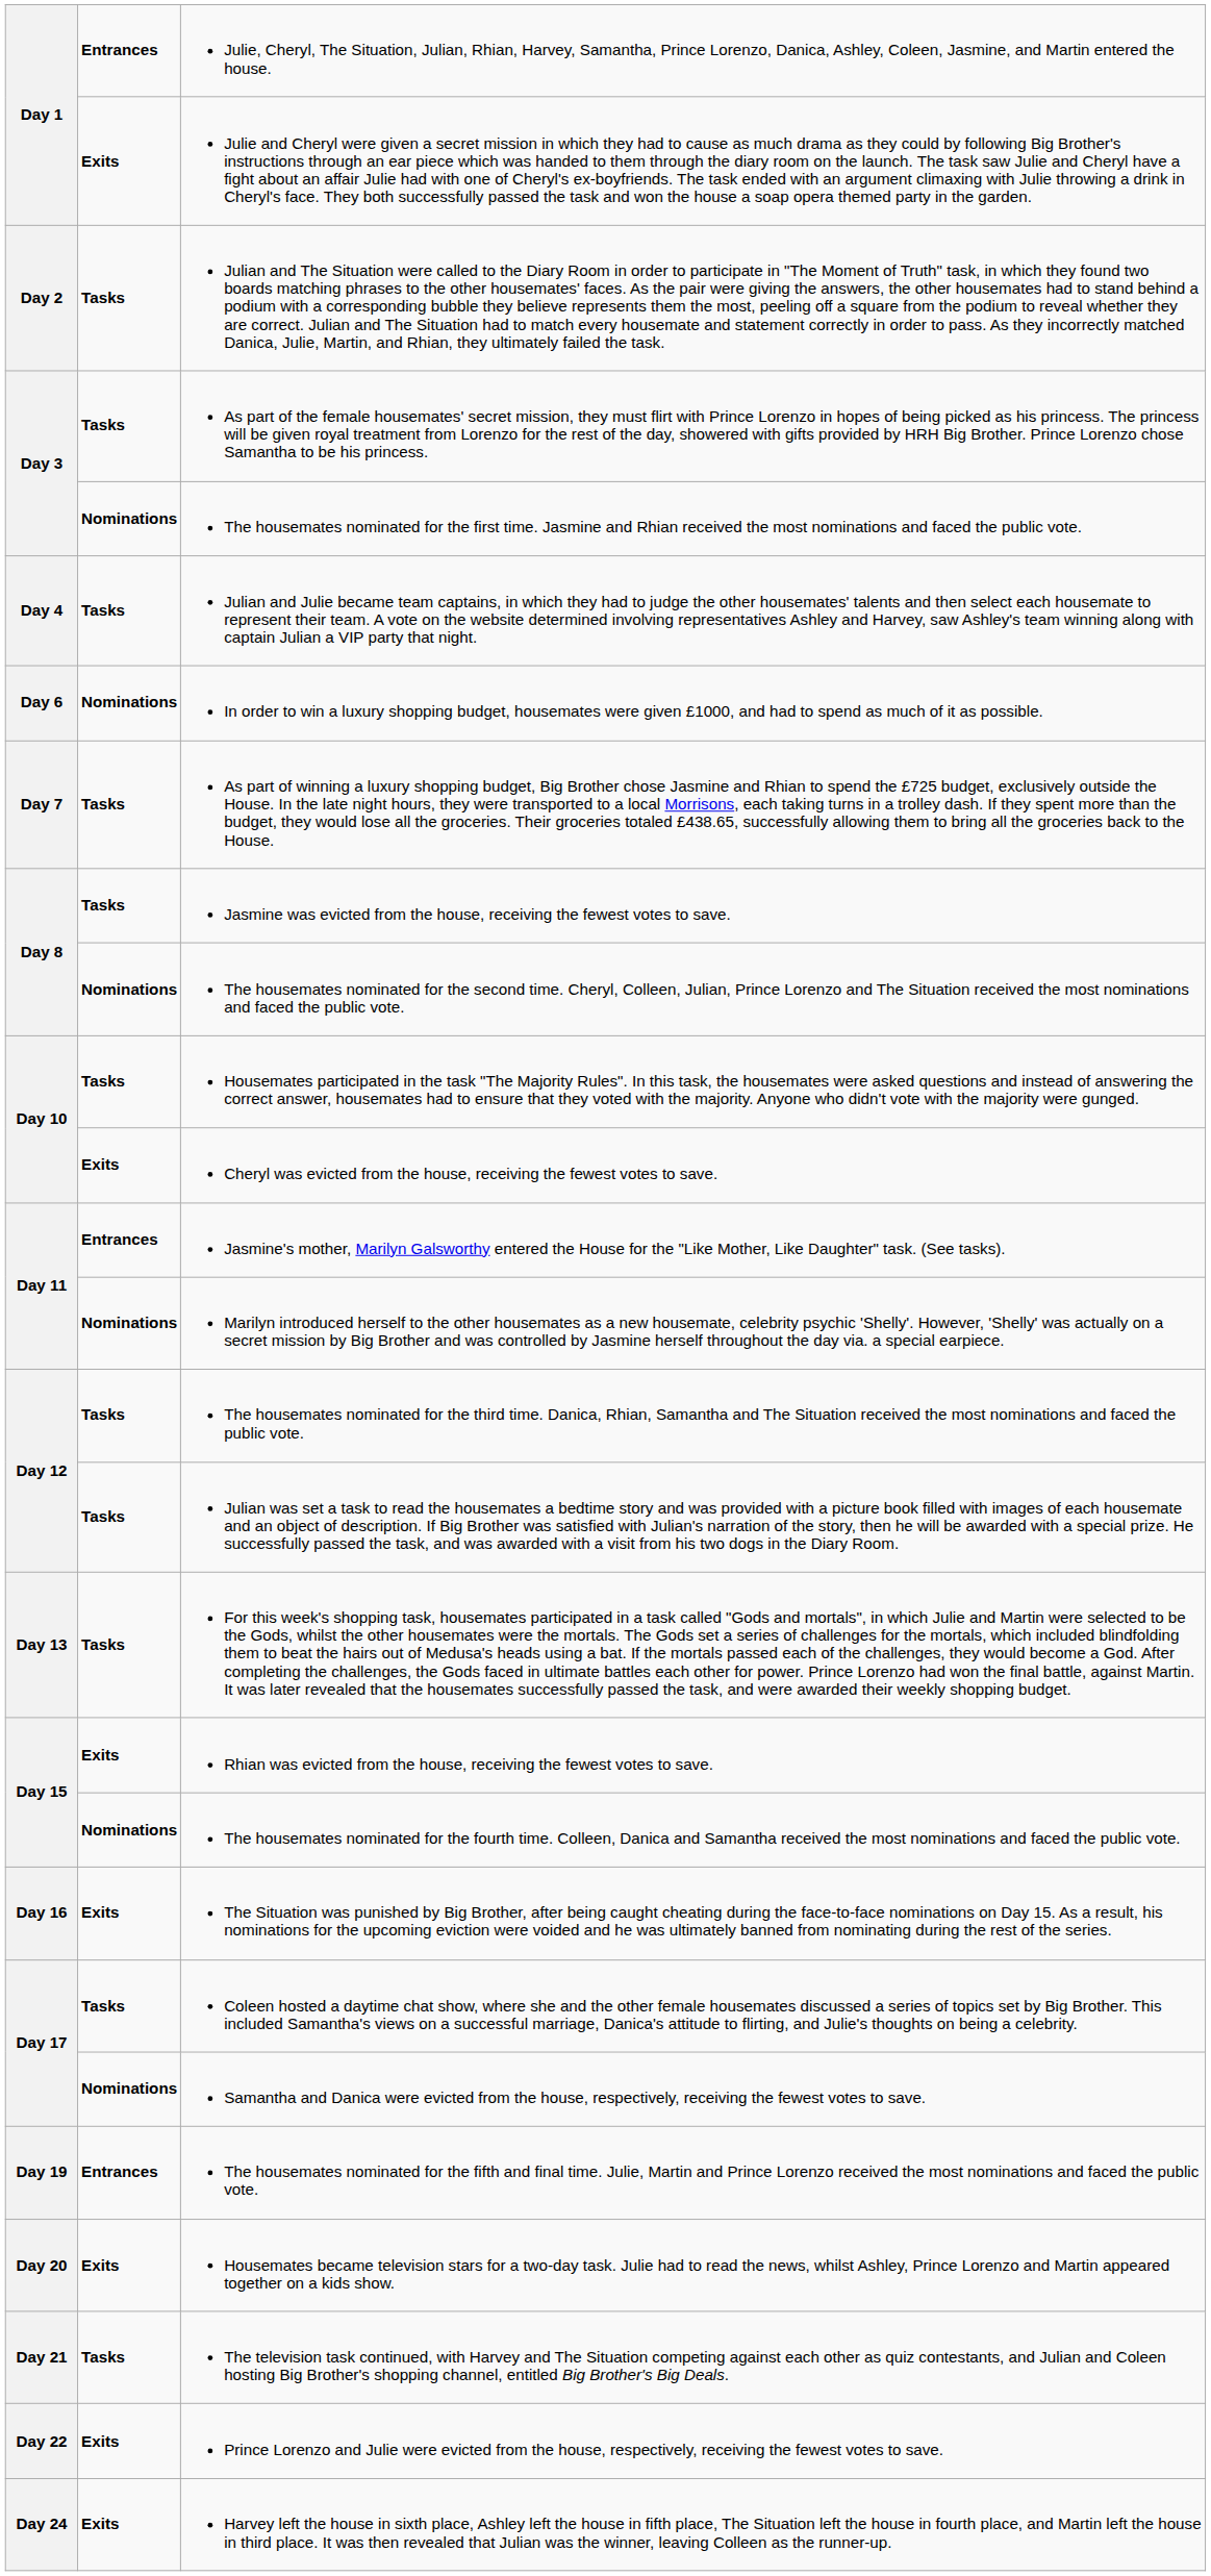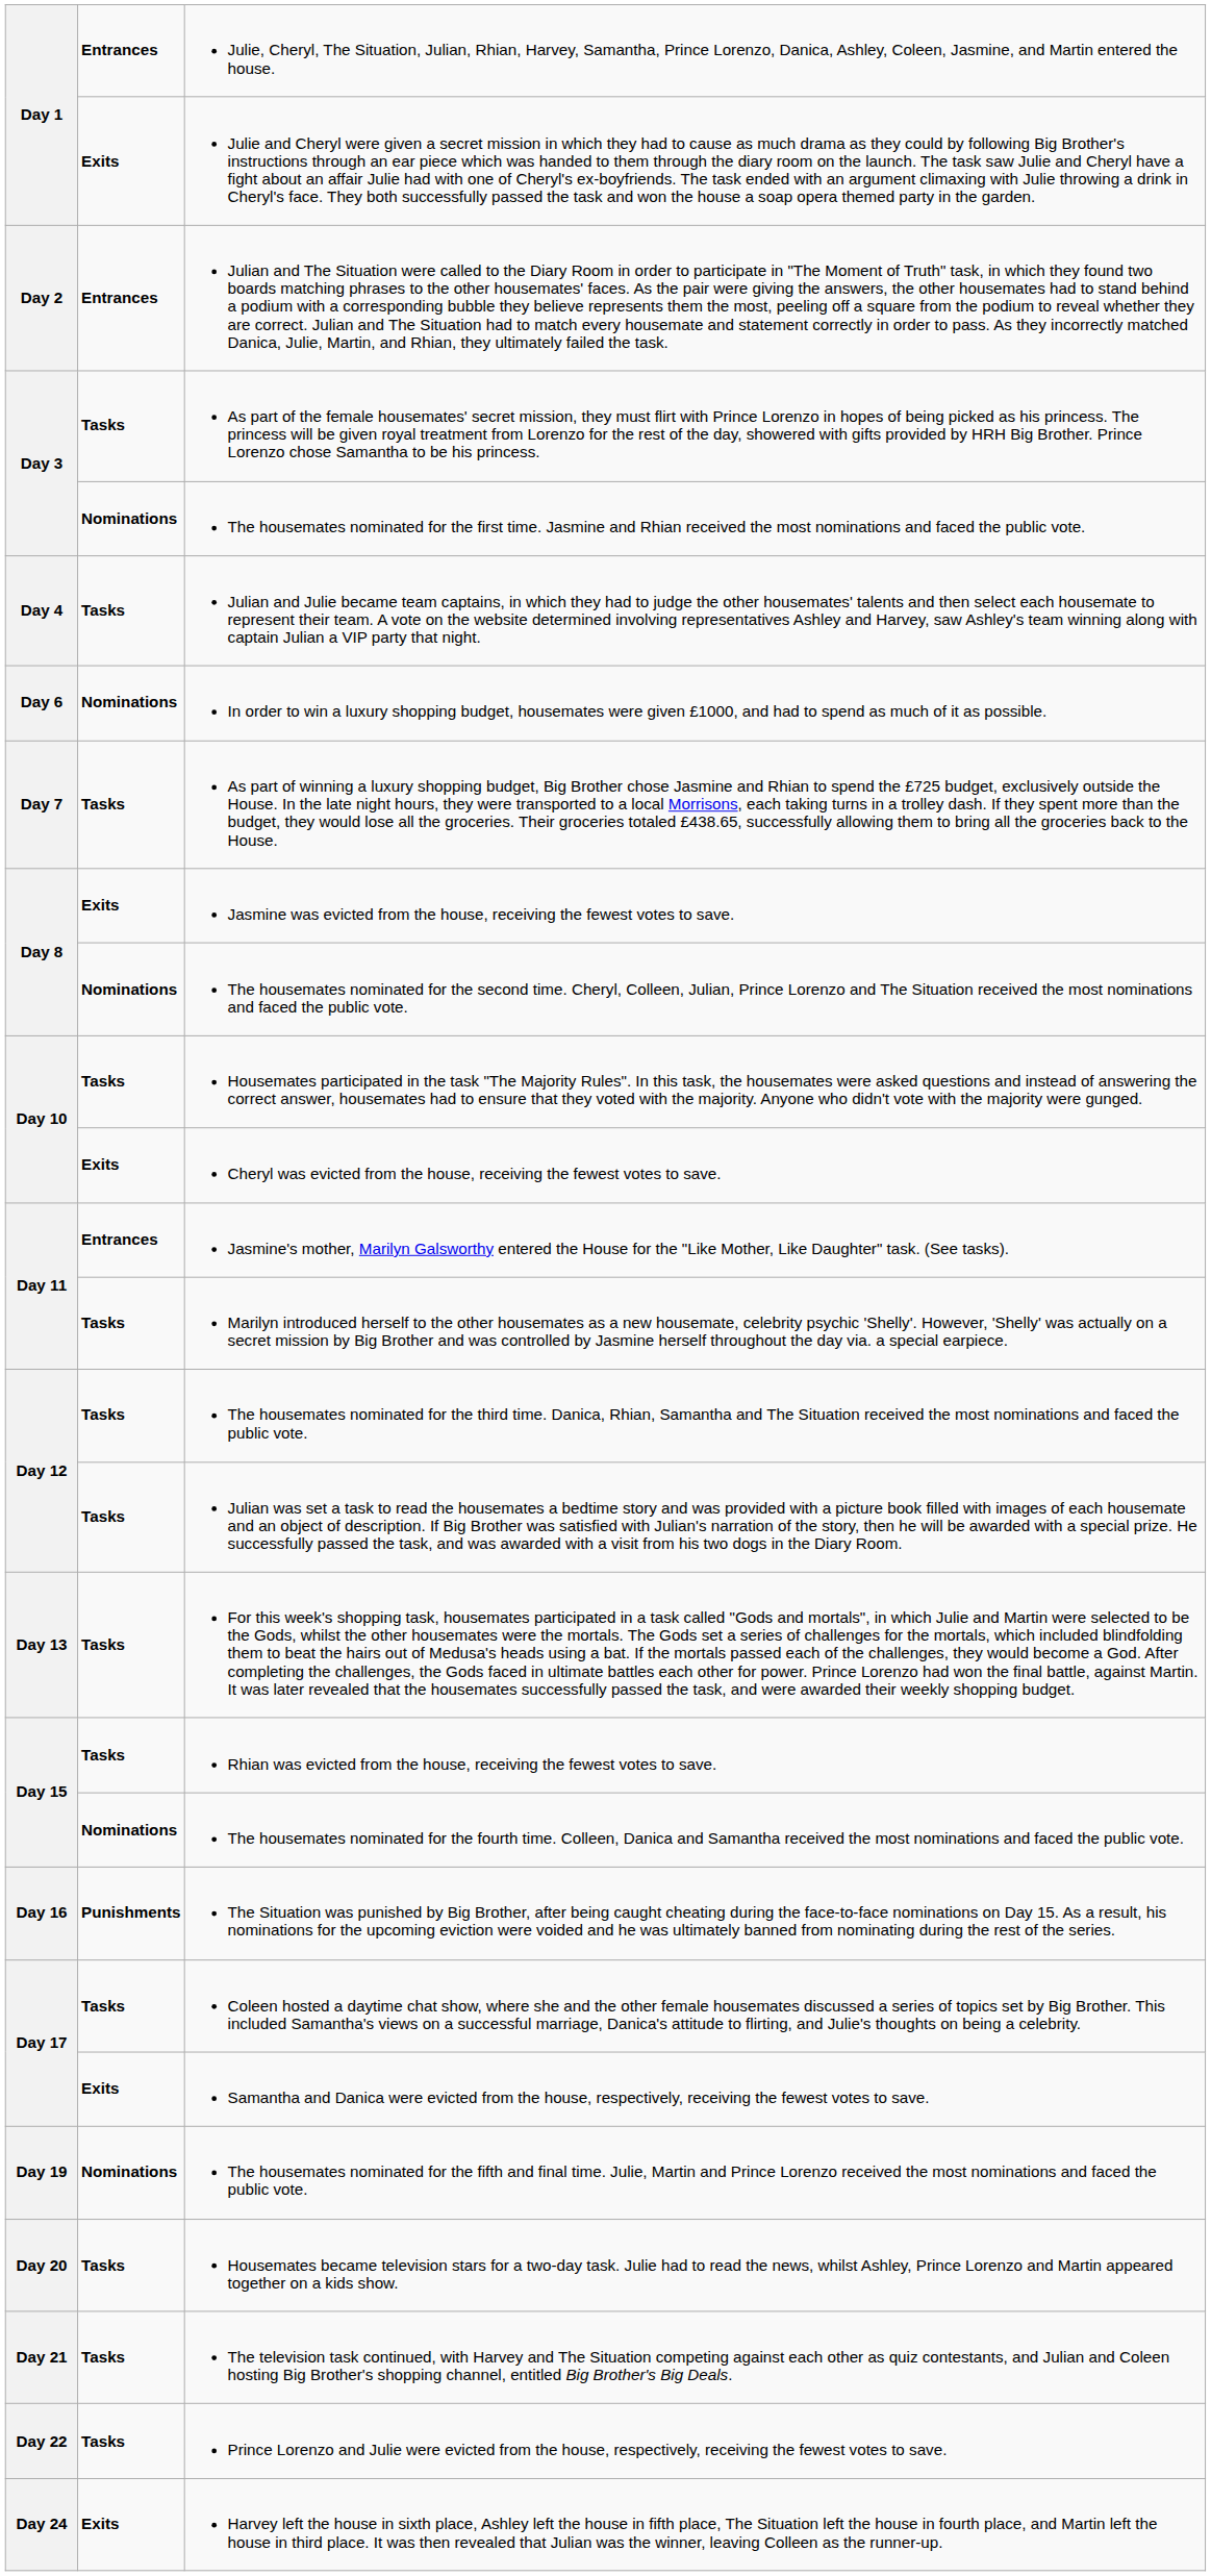 <table class="wikitable" style="width: 96%; margin-left: auto; margin-right: auto;">
 <tr>
 <th rowspan=2 style="width: 6%;">Day 1</th>
 <td><strong>Entrances</strong></td>
 <td><br><ul><li>Julie, Cheryl, The Situation, Julian, Rhian, Harvey, Samantha, Prince Lorenzo, Danica, Ashley, Coleen, Jasmine, and Martin entered the house.</li></ul></td>
 </tr>
 <tr>
 <td><strong>Exits</strong></td>
 <td><br><ul><li>Julie and Cheryl were given a secret mission in which they had to cause as much drama as they could by following Big Brother's instructions through an ear piece which was handed to them through the diary room on the launch. The task saw Julie and Cheryl have a fight about an affair Julie had with one of Cheryl's ex-boyfriends. The task ended with an argument climaxing with Julie throwing a drink in Cheryl's face. They both successfully passed the task and won the house a soap opera themed party in the garden.</li></ul></td>
 </tr>
 <tr>
 <th style="width: 6%;">Day 2</th>
-<td><strong>Tasks</strong></td>
+<td><strong>Entrances</strong></td>
 <td><br><ul><li>Julian and The Situation were called to the Diary Room in order to participate in "The Moment of Truth" task, in which they found two boards matching phrases to the other housemates' faces. As the pair were giving the answers, the other housemates had to stand behind a podium with a corresponding bubble they believe represents them the most, peeling off a square from the podium to reveal whether they are correct. Julian and The Situation had to match every housemate and statement correctly in order to pass. As they incorrectly matched Danica, Julie, Martin, and Rhian, they ultimately failed the task.</li></ul></td>
 </tr>
 <tr>
 <th rowspan=2 style="width: 6%;">Day 3</th>
 <td><strong>Tasks</strong></td>
 <td><br><ul><li>As part of the female housemates' secret mission, they must flirt with Prince Lorenzo in hopes of being picked as his princess. The princess will be given royal treatment from Lorenzo for the rest of the day, showered with gifts provided by HRH Big Brother. Prince Lorenzo chose Samantha to be his princess.</li></ul></td>
 </tr>
 <tr>
 <td><strong>Nominations</strong></td>
 <td><br><ul><li>The housemates nominated for the first time. Jasmine and Rhian received the most nominations and faced the public vote.</li></ul></td>
 </tr>
 <tr>
 <th style="width: 6%;">Day 4</th>
 <td><strong>Tasks</strong></td>
 <td><br><ul><li>Julian and Julie became team captains, in which they had to judge the other housemates' talents and then select each housemate to represent their team. A vote on the  website determined involving representatives Ashley and Harvey, saw Ashley's team winning along with captain Julian a VIP party that night.</li></ul></td>
 </tr>
 <tr>
 <th style="width: 6%;">Day 6</th>
 <td><strong>Nominations</strong></td>
 <td><br><ul><li>In order to win a luxury shopping budget, housemates were given £1000, and had to spend as much of it as possible.</li></ul></td>
 </tr>
 <tr>
 <th style="width: 6%;">Day 7</th>
 <td><strong>Tasks</strong></td>
 <td><br><ul><li>As part of winning a luxury shopping budget, Big Brother chose Jasmine and Rhian to spend the £725 budget, exclusively outside the House. In the late night hours, they were transported to a local <a href='#'>Morrisons</a>, each taking turns in a trolley dash. If they spent more than the budget, they would lose all the groceries. Their groceries totaled £438.65, successfully allowing them to bring all the groceries back to the House.</li></ul></td>
 </tr>
 <tr>
 <th rowspan="2" style="width: 6%;">Day 8</th>
-<td><strong>Tasks</strong></td>
+<td><strong>Exits</strong></td>
 <td><br><ul><li>Jasmine was evicted from the house, receiving the fewest votes to save.</li></ul></td>
 </tr>
 <tr>
 <td><strong>Nominations</strong></td>
 <td><br><ul><li>The housemates nominated for the second time. Cheryl, Colleen, Julian, Prince Lorenzo and The Situation received the most nominations and faced the public vote.</li></ul></td>
 </tr>
 <tr>
 <th rowspan="2" style="width: 6%;">Day 10</th>
 <td><strong>Tasks</strong></td>
 <td><br><ul><li>Housemates participated in the task "The Majority Rules". In this task, the housemates were asked questions and instead of answering the correct answer, housemates had to ensure that they voted with the majority. Anyone who didn't vote with the majority were gunged.</li></ul></td>
 </tr>
 <tr>
 <td><strong>Exits</strong></td>
 <td><br><ul><li>Cheryl was evicted from the house, receiving the fewest votes to save.</li></ul></td>
 </tr>
 <tr>
 <th rowspan="2" style="width: 6%;">Day 11</th>
 <td><strong>Entrances</strong></td>
 <td><br><ul><li>Jasmine's mother, <a href='#'>Marilyn Galsworthy</a> entered the House for the "Like Mother, Like Daughter" task. (See tasks).</li></ul></td>
 </tr>
 <tr>
-<td><strong>Nominations</strong></td>
+<td><strong>Tasks</strong></td>
 <td><br><ul><li>Marilyn introduced herself to the other housemates as a new housemate, celebrity psychic 'Shelly'. However, 'Shelly' was actually on a secret mission by Big Brother and was controlled by Jasmine herself throughout the day via. a special earpiece.</li></ul></td>
 </tr>
 <tr>
 <th rowspan="2" style="width: 6%;">Day 12</th>
 <td><strong>Tasks</strong></td>
 <td><br><ul><li>The housemates nominated for the third time. Danica, Rhian, Samantha and The Situation received the most nominations and faced the public vote.</li></ul></td>
 </tr>
 <tr>
 <td><strong>Tasks</strong></td>
 <td><br><ul><li>Julian was set a task to read the housemates a bedtime story and was provided with a picture book filled with images of each housemate and an object of description. If Big Brother was satisfied with Julian's narration of the story, then he will be awarded with a special prize. He successfully passed the task, and was awarded with a visit from his two dogs in the Diary Room.</li></ul></td>
 </tr>
 <tr>
 <th style="width: 6%;">Day 13</th>
 <td><strong>Tasks</strong></td>
 <td><br><ul><li>For this week's shopping task, housemates participated in a task called "Gods and mortals", in which Julie and Martin were selected to be the Gods, whilst the other housemates were the mortals. The Gods set a series of challenges for the mortals, which included blindfolding them to beat the hairs out of Medusa's heads using a bat. If the mortals passed each of the challenges, they would become a God. After completing the challenges, the Gods faced in ultimate battles each other for power. Prince Lorenzo had won the final battle, against Martin. It was later revealed that the housemates successfully passed the task, and were awarded their weekly shopping budget.</li></ul></td>
 </tr>
 <tr>
 <th rowspan="2" style="width: 6%;">Day 15</th>
-<td><strong>Exits</strong></td>
+<td><strong>Tasks</strong></td>
 <td><br><ul><li>Rhian was evicted from the house, receiving the fewest votes to save.</li></ul></td>
 </tr>
 <tr>
 <td><strong>Nominations</strong></td>
 <td><br><ul><li>The housemates nominated for the fourth time. Colleen, Danica and Samantha received the most nominations and faced the public vote.</li></ul></td>
 </tr>
 <tr>
 <th style="width: 6%;">Day 16</th>
-<td><strong>Exits</strong></td>
+<td><strong>Punishments</strong></td>
 <td><br><ul><li>The Situation was punished by Big Brother, after being caught cheating during the face-to-face nominations on Day 15. As a result, his nominations for the upcoming eviction were voided and he was ultimately banned from nominating during the rest of the series.</li></ul></td>
 </tr>
 <tr>
 <th rowspan="2" style="width: 6%;">Day 17</th>
 <td><strong>Tasks</strong></td>
 <td><br><ul><li>Coleen hosted a daytime chat show, where she and the other female housemates discussed a series of topics set by Big Brother. This included Samantha's views on a successful marriage, Danica's attitude to flirting, and Julie's thoughts on being a celebrity.</li></ul></td>
 </tr>
 <tr>
-<td><strong>Nominations</strong></td>
+<td><strong>Exits</strong></td>
 <td><br><ul><li>Samantha and Danica were evicted from the house, respectively, receiving the fewest votes to save.</li></ul></td>
 </tr>
 <tr>
 <th style="width: 6%;">Day 19</th>
-<td><strong>Entrances</strong></td>
+<td><strong>Nominations</strong></td>
 <td><br><ul><li>The housemates nominated for the fifth and final time. Julie, Martin and Prince Lorenzo received the most nominations and faced the public vote.</li></ul></td>
 </tr>
 <tr>
 <th style="width: 6%;">Day 20</th>
-<td><strong>Exits</strong></td>
+<td><strong>Tasks</strong></td>
 <td><br><ul><li>Housemates became television stars for a two-day task. Julie had to read the news, whilst Ashley, Prince Lorenzo and Martin appeared together on a kids show.</li></ul></td>
 </tr>
 <tr>
 <th style="width: 6%;">Day 21</th>
 <td><strong>Tasks</strong></td>
 <td><br><ul><li>The television task continued, with Harvey and The Situation competing against each other as quiz contestants, and Julian and Coleen hosting Big Brother's shopping channel, entitled <em>Big Brother's Big Deals</em>.</li></ul></td>
 </tr>
 <tr>
 <th style="width: 6%;">Day 22</th>
-<td><strong>Exits</strong></td>
+<td><strong>Tasks</strong></td>
 <td><br><ul><li>Prince Lorenzo and Julie were evicted from the house, respectively, receiving the fewest votes to save.</li></ul></td>
 </tr>
 <tr>
 <th style="width: 6%;">Day 24</th>
 <td><strong>Exits</strong></td>
 <td><br><ul><li>Harvey left the house in sixth place, Ashley left the house in fifth place, The Situation left the house in fourth place, and Martin left the house in third place. It was then revealed that Julian was the winner, leaving Colleen as the runner-up.</li></ul></td>
 </tr>
 </table>
